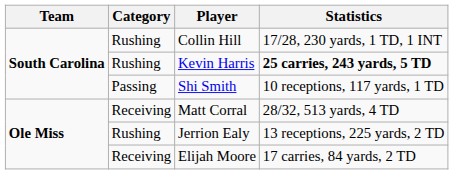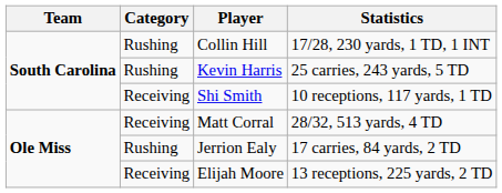 <table class="wikitable" style="float: right;">
 <tr>
 <th>Team</th>
 <th>Category</th>
 <th>Player</th>
 <th>Statistics</th>
 </tr>
 <tr>
 <td rowspan=3><strong>South Carolina</strong></td>
 <td>Rushing</td>
 <td>Collin Hill</td>
 <td>17/28, 230 yards, 1 TD, 1 INT</td>
 </tr>
 <tr>
 <td>Rushing</td>
 <td><a href='#'>Kevin Harris</a></td>
-<td><strong>25 carries, 243 yards, 5 TD</strong></td>
+<td>25 carries, 243 yards, 5 TD</td>
 </tr>
 <tr>
-<td>Passing</td>
+<td>Receiving</td>
 <td><a href='#'>Shi Smith</a></td>
 <td>10 receptions, 117 yards, 1 TD</td>
 </tr>
 <tr>
 <td rowspan=3><strong>Ole Miss</strong></td>
 <td>Receiving</td>
 <td>Matt Corral</td>
 <td>28/32, 513 yards, 4 TD</td>
 </tr>
 <tr>
 <td>Rushing</td>
 <td>Jerrion Ealy</td>
-<td>13 receptions, 225 yards, 2 TD</td>
+<td>17 carries, 84 yards, 2 TD</td>
 </tr>
 <tr>
 <td>Receiving</td>
 <td>Elijah Moore</td>
-<td>17 carries, 84 yards, 2 TD</td>
+<td>13 receptions, 225 yards, 2 TD</td>
 </tr>
 </table>
